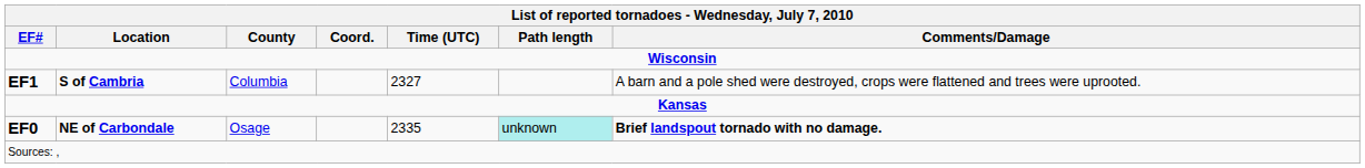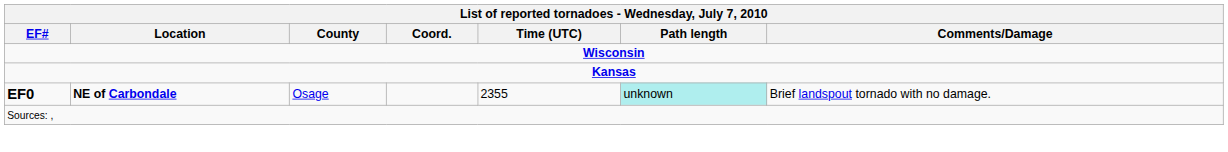 <table class="wikitable collapsible" style="width:100%;">
 <tr>
 <th colspan="7">List of reported tornadoes - Wednesday, July 7, 2010</th>
 </tr>
 <tr>
 <th><a href='#'>EF#</a></th>
 <th>Location</th>
 <th>County</th>
 <th>Coord.</th>
 <th>Time (UTC)</th>
 <th>Path length</th>
 <th>Comments/Damage</th>
 </tr>
 <tr>
 <td colspan="7" style="text-align:center;"><strong><a href='#'>Wisconsin</a></strong></td>
 </tr>
 <tr>
-<td><big><strong>EF1</strong></big></td>
-<td><strong>S of <a href='#'>Cambria</a></strong></td>
-<td><a href='#'>Columbia</a></td>
-<td></td>
-<td>2327</td>
-<td></td>
-<td>A barn and a pole shed were destroyed, crops were flattened and trees were uprooted.</td>
-</tr>
-<tr>
 <td colspan="7" style="text-align:center;"><strong><a href='#'>Kansas</a></strong></td>
 </tr>
 <tr>
 <td><big><strong>EF0</strong></big></td>
 <td><strong>NE of <a href='#'>Carbondale</a></strong></td>
 <td><a href='#'>Osage</a></td>
 <td></td>
-<td>2335</td>
+<td>2355</td>
 <td style="background: paleturquoise;">unknown</td>
-<td><strong>Brief <a href='#'>landspout</a> tornado with no damage.</strong></td>
+<td>Brief <a href='#'>landspout</a> tornado with no damage.</td>
 </tr>
 <tr>
 <td colspan="7"><small>Sources: , </small></td>
 </tr>
 </table>
